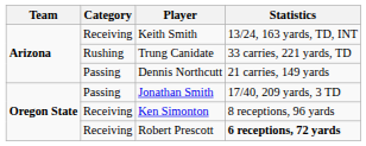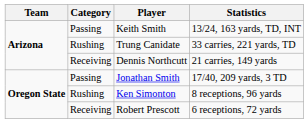 <table class="wikitable" style="float: right;">
 <tr>
 <th>Team</th>
 <th>Category</th>
 <th>Player</th>
 <th>Statistics</th>
 </tr>
 <tr>
 <td rowspan=3><strong>Arizona</strong></td>
-<td>Receiving</td>
+<td>Passing</td>
 <td>Keith Smith</td>
 <td>13/24, 163 yards, TD, INT</td>
 </tr>
 <tr>
 <td>Rushing</td>
 <td>Trung Canidate</td>
 <td>33 carries, 221 yards, TD</td>
 </tr>
 <tr>
-<td>Passing</td>
+<td>Receiving</td>
 <td>Dennis Northcutt</td>
 <td>21 carries, 149 yards</td>
 </tr>
 <tr>
 <td rowspan=3><strong>Oregon State</strong></td>
 <td>Passing</td>
 <td><a href='#'>Jonathan Smith</a></td>
 <td>17/40, 209 yards, 3 TD</td>
 </tr>
 <tr>
-<td>Receiving</td>
+<td>Rushing</td>
 <td><a href='#'>Ken Simonton</a></td>
 <td>8 receptions, 96 yards</td>
 </tr>
 <tr>
 <td>Receiving</td>
 <td>Robert Prescott</td>
-<td><strong>6 receptions, 72 yards</strong></td>
+<td>6 receptions, 72 yards</td>
 </tr>
 </table>
